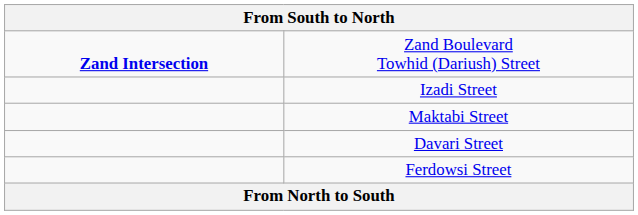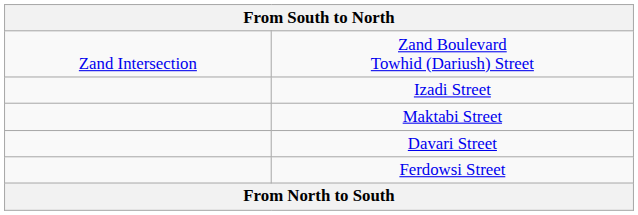 <table class="wikitable" style="text-align:center" width="600px">
 <tr>
 <th text-align="center" colspan="3"> From South to North </th>
 </tr>
 <tr>
-<td><strong><br><a href='#'>Zand Intersection</a></strong></td>
+<td><br><a href='#'>Zand Intersection</a></td>
 <td> <a href='#'>Zand Boulevard</a><br> <a href='#'>Towhid (Dariush) Street</a></td>
 </tr>
 <tr>
 <td></td>
 <td> <a href='#'>Izadi Street</a></td>
 </tr>
 <tr>
 <td></td>
 <td> <a href='#'>Maktabi Street</a></td>
 </tr>
 <tr>
 <td></td>
 <td> <a href='#'>Davari Street</a></td>
 </tr>
 <tr>
 <td></td>
 <td> <a href='#'>Ferdowsi Street</a></td>
 </tr>
 <tr>
 <th text-align="center" colspan="3"> From North to South </th>
 </tr>
 </table>
